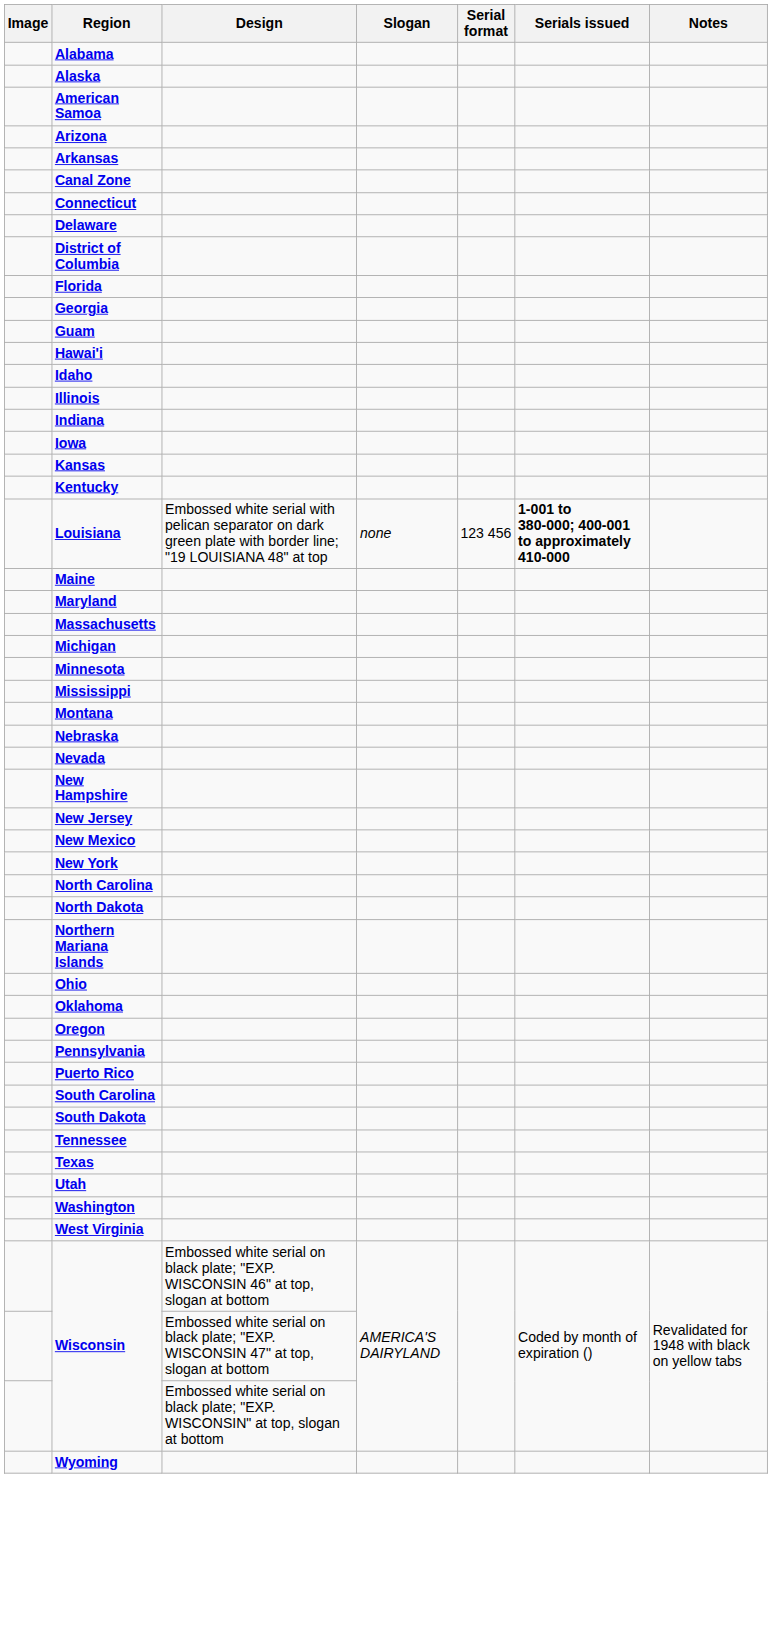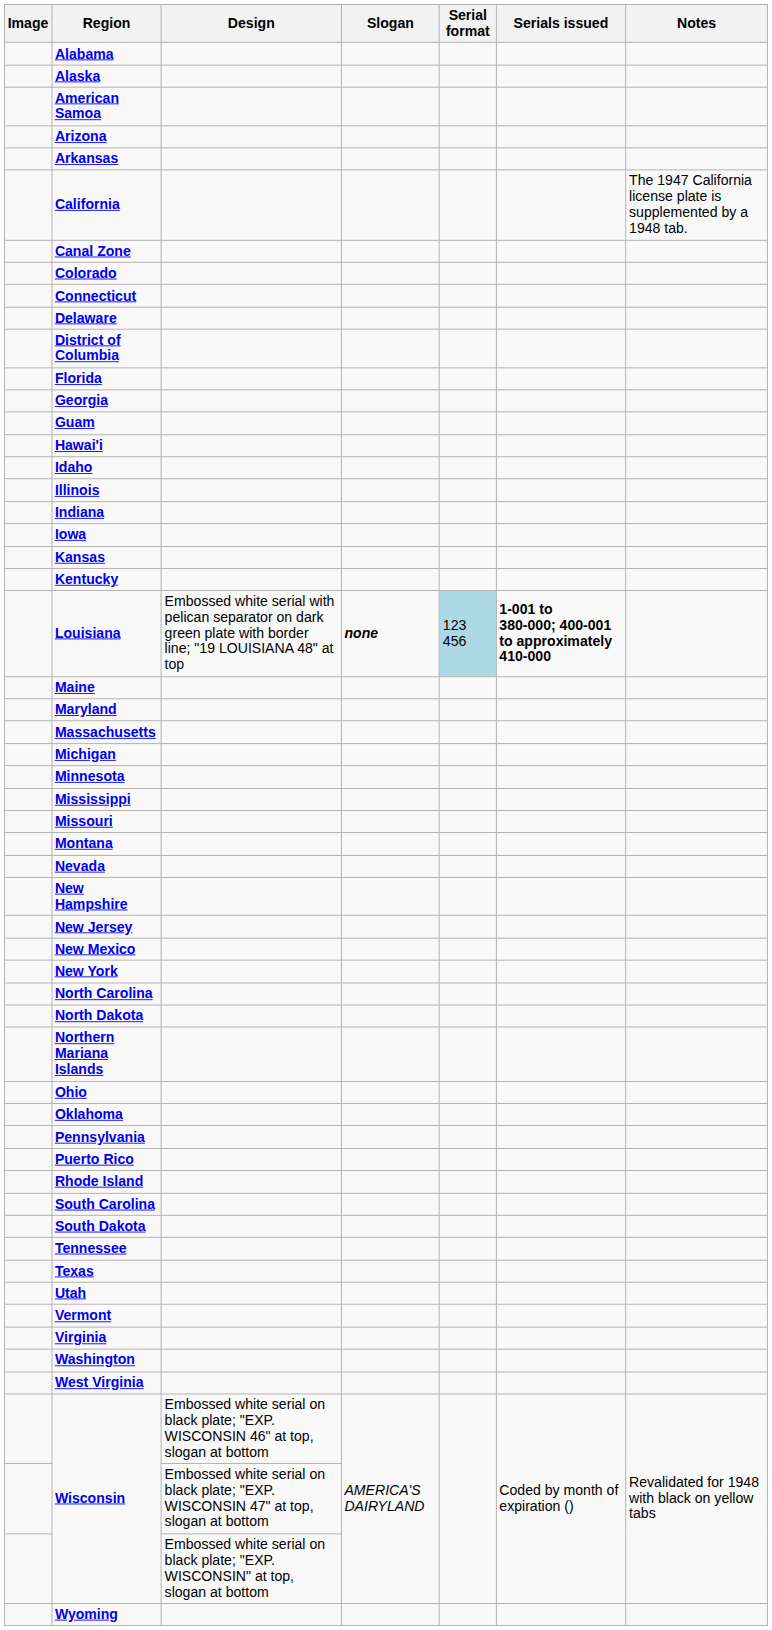 <table class="wikitable">
 <tr>
 <th>Image</th>
 <th>Region</th>
 <th>Design</th>
 <th>Slogan</th>
 <th>Serial format</th>
 <th>Serials issued</th>
 <th>Notes</th>
 </tr>
 <tr>
 <td></td>
 <td><strong><a href='#'>Alabama</a></strong></td>
 <td></td>
 <td></td>
 <td></td>
 <td></td>
 <td></td>
 </tr>
 <tr>
 <td></td>
 <td><strong><a href='#'>Alaska</a></strong></td>
 <td></td>
 <td></td>
 <td></td>
 <td></td>
 <td></td>
 </tr>
 <tr>
 <td></td>
 <td><strong><a href='#'>American Samoa</a></strong></td>
 <td></td>
 <td></td>
 <td></td>
 <td></td>
 <td></td>
 </tr>
 <tr>
 <td></td>
 <td><strong><a href='#'>Arizona</a></strong></td>
 <td></td>
 <td></td>
 <td></td>
 <td></td>
 <td></td>
 </tr>
 <tr>
 <td></td>
 <td><strong><a href='#'>Arkansas</a></strong></td>
 <td></td>
 <td></td>
 <td></td>
 <td></td>
 <td></td>
 </tr>
 <tr>
 <td></td>
+<td><strong><a href='#'>California</a></strong></td>
+<td></td>
+<td></td>
+<td></td>
+<td></td>
+<td>The 1947 California license plate is supplemented by a 1948 tab.</td>
+</tr>
+<tr>
+<td></td>
 <td><strong><a href='#'>Canal Zone</a></strong></td>
+<td></td>
+<td></td>
+<td></td>
+<td></td>
+<td></td>
+</tr>
+<tr>
+<td></td>
+<td><strong><a href='#'>Colorado</a></strong></td>
 <td></td>
 <td></td>
 <td></td>
 <td></td>
 <td></td>
 </tr>
 <tr>
 <td></td>
 <td><strong><a href='#'>Connecticut</a></strong></td>
 <td></td>
 <td></td>
 <td></td>
 <td></td>
 <td></td>
 </tr>
 <tr>
 <td></td>
 <td><strong><a href='#'>Delaware</a></strong></td>
 <td></td>
 <td></td>
 <td></td>
 <td></td>
 <td></td>
 </tr>
 <tr>
 <td></td>
 <td><strong><a href='#'>District of<br>Columbia</a></strong></td>
 <td></td>
 <td></td>
 <td></td>
 <td></td>
 <td></td>
 </tr>
 <tr>
 <td></td>
 <td><strong><a href='#'>Florida</a></strong></td>
 <td></td>
 <td></td>
 <td></td>
 <td></td>
 <td></td>
 </tr>
 <tr>
 <td></td>
 <td><strong><a href='#'>Georgia</a></strong></td>
 <td></td>
 <td></td>
 <td></td>
 <td></td>
 <td></td>
 </tr>
 <tr>
 <td></td>
 <td><strong><a href='#'>Guam</a></strong></td>
 <td></td>
 <td></td>
 <td></td>
 <td></td>
 <td></td>
 </tr>
 <tr>
 <td></td>
 <td><strong><a href='#'>Hawai'i</a></strong></td>
 <td></td>
 <td></td>
 <td></td>
 <td></td>
 <td></td>
 </tr>
 <tr>
 <td></td>
 <td><strong><a href='#'>Idaho</a></strong></td>
 <td></td>
 <td></td>
 <td></td>
 <td></td>
 <td></td>
 </tr>
 <tr>
 <td></td>
 <td><strong><a href='#'>Illinois</a></strong></td>
 <td></td>
 <td></td>
 <td></td>
 <td></td>
 <td></td>
 </tr>
 <tr>
 <td></td>
 <td><strong><a href='#'>Indiana</a></strong></td>
 <td></td>
 <td></td>
 <td></td>
 <td></td>
 <td></td>
 </tr>
 <tr>
 <td></td>
 <td><strong><a href='#'>Iowa</a></strong></td>
 <td></td>
 <td></td>
 <td></td>
 <td></td>
 <td></td>
 </tr>
 <tr>
 <td></td>
 <td><strong><a href='#'>Kansas</a></strong></td>
 <td></td>
 <td></td>
 <td></td>
 <td></td>
 <td></td>
 </tr>
 <tr>
 <td></td>
 <td><strong><a href='#'>Kentucky</a></strong></td>
 <td></td>
 <td></td>
 <td></td>
 <td></td>
 <td></td>
 </tr>
 <tr>
 <td></td>
 <td><strong><a href='#'>Louisiana</a></strong></td>
 <td>Embossed white serial with pelican separator on dark green plate with border line; "19 LOUISIANA 48" at top</td>
-<td><em>none</em></td>
-<td>123 456</td>
+<td><strong><em>none</em></strong></td>
+<td style="background: lightblue;">123 456</td>
 <td><strong>1-001 to<br>380-000; 400-001 to approximately 410-000</strong></td>
 <td></td>
 </tr>
 <tr>
 <td></td>
 <td><strong><a href='#'>Maine</a></strong></td>
 <td></td>
 <td></td>
 <td></td>
 <td></td>
 <td></td>
 </tr>
 <tr>
 <td></td>
 <td><strong><a href='#'>Maryland</a></strong></td>
 <td></td>
 <td></td>
 <td></td>
 <td></td>
 <td></td>
 </tr>
 <tr>
 <td></td>
 <td><strong><a href='#'>Massachusetts</a></strong></td>
 <td></td>
 <td></td>
 <td></td>
 <td></td>
 <td></td>
 </tr>
 <tr>
 <td></td>
 <td><strong><a href='#'>Michigan</a></strong></td>
 <td></td>
 <td></td>
 <td></td>
 <td></td>
 <td></td>
 </tr>
 <tr>
 <td></td>
 <td><strong><a href='#'>Minnesota</a></strong></td>
 <td></td>
 <td></td>
 <td></td>
 <td></td>
 <td></td>
 </tr>
 <tr>
 <td></td>
 <td><strong><a href='#'>Mississippi</a></strong></td>
 <td></td>
 <td></td>
 <td></td>
 <td></td>
 <td></td>
 </tr>
 <tr>
 <td></td>
-<td><strong><a href='#'>Montana</a></strong></td>
+<td><strong><a href='#'>Missouri</a></strong></td>
 <td></td>
 <td></td>
 <td></td>
 <td></td>
 <td></td>
 </tr>
 <tr>
 <td></td>
-<td><strong><a href='#'>Nebraska</a></strong></td>
+<td><strong><a href='#'>Montana</a></strong></td>
 <td></td>
 <td></td>
 <td></td>
 <td></td>
 <td></td>
 </tr>
 <tr>
 <td></td>
 <td><strong><a href='#'>Nevada</a></strong></td>
 <td></td>
 <td></td>
 <td></td>
 <td></td>
 <td></td>
 </tr>
 <tr>
 <td></td>
 <td><strong><a href='#'>New Hampshire</a></strong></td>
 <td></td>
 <td></td>
 <td></td>
 <td></td>
 <td></td>
 </tr>
 <tr>
 <td></td>
 <td><strong><a href='#'>New Jersey</a></strong></td>
 <td></td>
 <td></td>
 <td></td>
 <td></td>
 <td></td>
 </tr>
 <tr>
 <td></td>
 <td><strong><a href='#'>New Mexico</a></strong></td>
 <td></td>
 <td></td>
 <td></td>
 <td></td>
 <td></td>
 </tr>
 <tr>
 <td></td>
 <td><strong><a href='#'>New York</a></strong></td>
 <td></td>
 <td></td>
 <td></td>
 <td></td>
 <td></td>
 </tr>
 <tr>
 <td></td>
 <td><strong><a href='#'>North Carolina</a></strong></td>
 <td></td>
 <td></td>
 <td></td>
 <td></td>
 <td></td>
 </tr>
 <tr>
 <td></td>
 <td><strong><a href='#'>North Dakota</a></strong></td>
 <td></td>
 <td></td>
 <td></td>
 <td></td>
 <td></td>
 </tr>
 <tr>
 <td></td>
 <td><strong><a href='#'>Northern Mariana<br> Islands</a></strong></td>
 <td></td>
 <td></td>
 <td></td>
 <td></td>
 <td></td>
 </tr>
 <tr>
 <td></td>
 <td><strong><a href='#'>Ohio</a></strong></td>
 <td></td>
 <td></td>
 <td></td>
 <td></td>
 <td></td>
 </tr>
 <tr>
 <td></td>
 <td><strong><a href='#'>Oklahoma</a></strong></td>
 <td></td>
 <td></td>
 <td></td>
 <td></td>
 <td></td>
 </tr>
 <tr>
 <td></td>
-<td><strong><a href='#'>Oregon</a></strong></td>
-<td></td>
-<td></td>
-<td></td>
-<td></td>
-<td></td>
-</tr>
-<tr>
-<td></td>
 <td><strong><a href='#'>Pennsylvania</a></strong></td>
 <td></td>
 <td></td>
 <td></td>
 <td></td>
 <td></td>
 </tr>
 <tr>
 <td></td>
 <td><strong><a href='#'>Puerto Rico</a></strong></td>
+<td></td>
+<td></td>
+<td></td>
+<td></td>
+<td></td>
+</tr>
+<tr>
+<td></td>
+<td><strong><a href='#'>Rhode Island</a></strong></td>
 <td></td>
 <td></td>
 <td></td>
 <td></td>
 <td></td>
 </tr>
 <tr>
 <td></td>
 <td><strong><a href='#'>South Carolina</a></strong></td>
 <td></td>
 <td></td>
 <td></td>
 <td></td>
 <td></td>
 </tr>
 <tr>
 <td></td>
 <td><strong><a href='#'>South Dakota</a></strong></td>
 <td></td>
 <td></td>
 <td></td>
 <td></td>
 <td></td>
 </tr>
 <tr>
 <td></td>
 <td><strong><a href='#'>Tennessee</a></strong></td>
 <td></td>
 <td></td>
 <td></td>
 <td></td>
 <td></td>
 </tr>
 <tr>
 <td></td>
 <td><strong><a href='#'>Texas</a></strong></td>
 <td></td>
 <td></td>
 <td></td>
 <td></td>
 <td></td>
 </tr>
 <tr>
 <td></td>
 <td><strong><a href='#'>Utah</a></strong></td>
 <td></td>
 <td></td>
 <td></td>
 <td></td>
 <td></td>
 </tr>
 <tr>
 <td></td>
+<td><strong><a href='#'>Vermont</a></strong></td>
+<td></td>
+<td></td>
+<td></td>
+<td></td>
+<td></td>
+</tr>
+<tr>
+<td></td>
+<td><strong><a href='#'>Virginia</a></strong></td>
+<td></td>
+<td></td>
+<td></td>
+<td></td>
+<td></td>
+</tr>
+<tr>
+<td></td>
 <td><strong><a href='#'>Washington</a></strong></td>
 <td></td>
 <td></td>
 <td></td>
 <td></td>
 <td></td>
 </tr>
 <tr>
 <td></td>
 <td><strong><a href='#'>West Virginia</a></strong></td>
 <td></td>
 <td></td>
 <td></td>
 <td></td>
 <td></td>
 </tr>
 <tr>
 <td></td>
 <td rowspan="3"><strong><a href='#'>Wisconsin</a></strong></td>
 <td>Embossed white serial on black plate; "EXP. WISCONSIN 46" at top, slogan at bottom</td>
 <td rowspan="3"><em>AMERICA'S DAIRYLAND</em></td>
 <td rowspan="3"></td>
 <td rowspan="3">Coded by month of expiration ()</td>
 <td rowspan="3">Revalidated for 1948 with black on yellow tabs</td>
 </tr>
 <tr>
 <td></td>
 <td>Embossed white serial on black plate; "EXP. WISCONSIN 47" at top, slogan at bottom</td>
 </tr>
 <tr>
 <td></td>
 <td>Embossed white serial on black plate; "EXP. WISCONSIN" at top, slogan at bottom</td>
 </tr>
 <tr>
 <td></td>
 <td><strong><a href='#'>Wyoming</a></strong></td>
 <td></td>
 <td></td>
 <td></td>
 <td></td>
 <td></td>
 </tr>
 </table>
